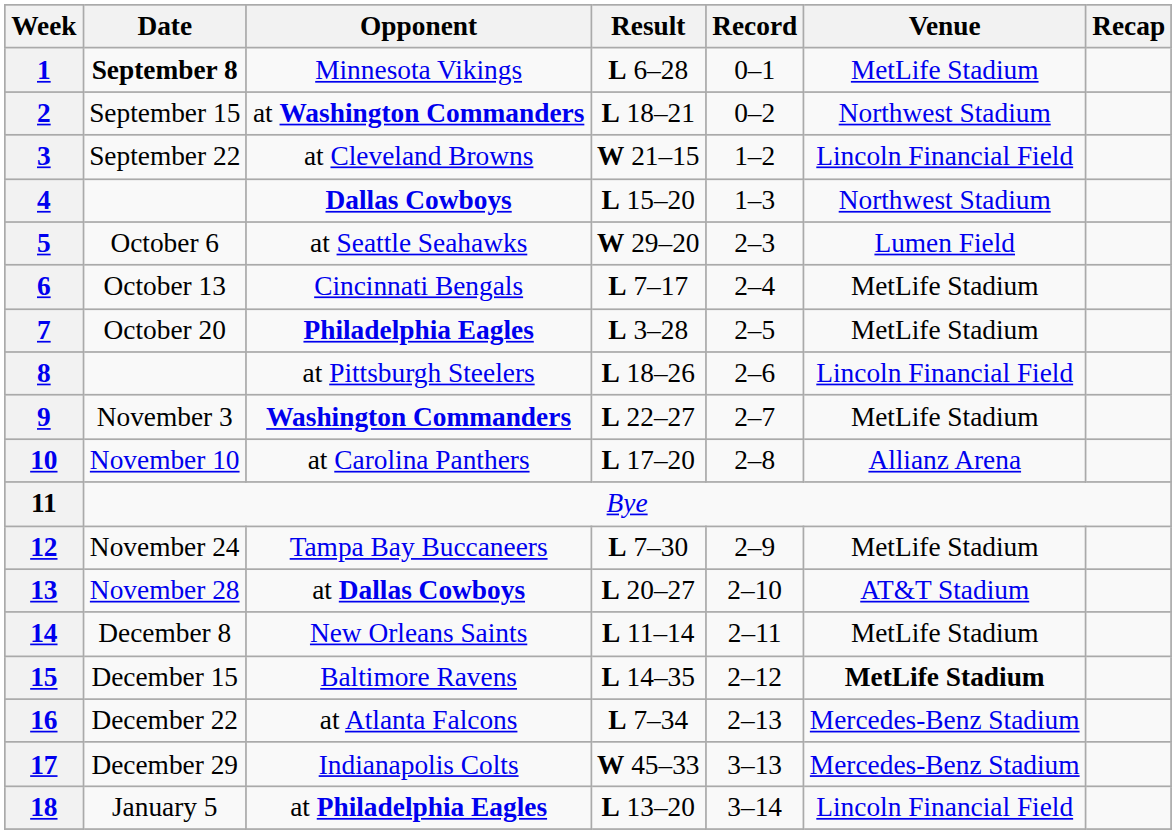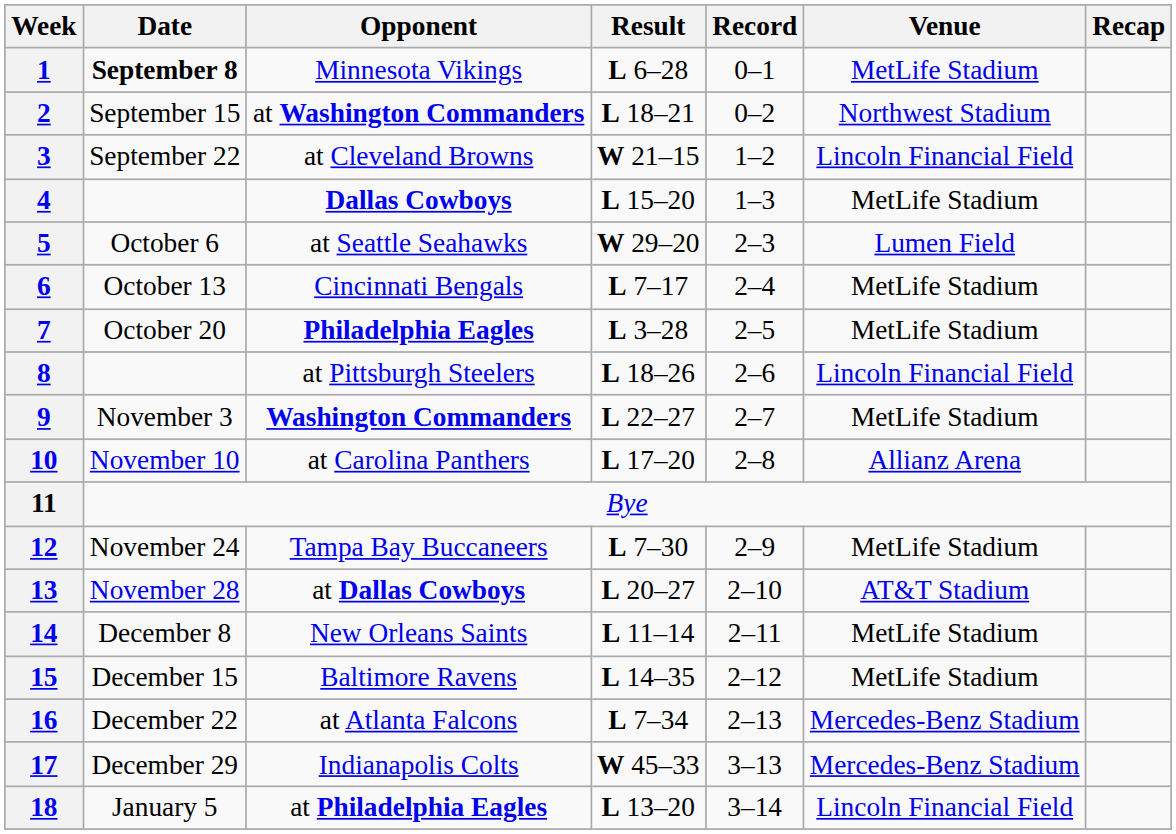 <table class="wikitable" style="text-align:center">
 <tr>
 <th>Week</th>
 <th>Date</th>
 <th>Opponent</th>
 <th>Result</th>
 <th>Record</th>
 <th>Venue</th>
 <th>Recap</th>
 </tr>
 <tr>
 <th><a href='#'>1</a></th>
 <td><strong>September 8</strong></td>
 <td><a href='#'>Minnesota Vikings</a></td>
 <td><strong>L</strong> 6–28</td>
 <td>0–1</td>
 <td><a href='#'>MetLife Stadium</a></td>
 <td></td>
 </tr>
 <tr>
 <th><a href='#'>2</a></th>
 <td>September 15</td>
 <td>at <strong><a href='#'>Washington Commanders</a></strong></td>
 <td><strong>L</strong> 18–21</td>
 <td>0–2</td>
 <td><a href='#'>Northwest Stadium</a></td>
 <td></td>
 </tr>
 <tr>
 <th><a href='#'>3</a></th>
 <td>September 22</td>
 <td>at <a href='#'>Cleveland Browns</a></td>
 <td><strong>W</strong> 21–15</td>
 <td>1–2</td>
 <td><a href='#'>Lincoln Financial Field</a></td>
 <td></td>
 </tr>
 <tr>
 <th><a href='#'>4</a></th>
 <td></td>
 <td><strong><a href='#'>Dallas Cowboys</a></strong></td>
 <td><strong>L</strong> 15–20</td>
 <td>1–3</td>
-<td><a href='#'>Northwest Stadium</a></td>
+<td>MetLife Stadium</td>
 <td></td>
 </tr>
 <tr>
 <th><a href='#'>5</a></th>
 <td>October 6</td>
 <td>at <a href='#'>Seattle Seahawks</a></td>
 <td><strong>W</strong> 29–20</td>
 <td>2–3</td>
 <td><a href='#'>Lumen Field</a></td>
 <td></td>
 </tr>
 <tr>
 <th><a href='#'>6</a></th>
 <td>October 13</td>
 <td><a href='#'>Cincinnati Bengals</a></td>
 <td><strong>L</strong> 7–17</td>
 <td>2–4</td>
 <td>MetLife Stadium</td>
 <td></td>
 </tr>
 <tr>
 <th><a href='#'>7</a></th>
 <td>October 20</td>
 <td><strong><a href='#'>Philadelphia Eagles</a></strong></td>
 <td><strong>L</strong> 3–28</td>
 <td>2–5</td>
 <td>MetLife Stadium</td>
 <td></td>
 </tr>
 <tr>
 <th><a href='#'>8</a></th>
 <td></td>
 <td>at <a href='#'>Pittsburgh Steelers</a></td>
 <td><strong>L</strong> 18–26</td>
 <td>2–6</td>
 <td><a href='#'>Lincoln Financial Field</a></td>
 <td></td>
 </tr>
 <tr>
 <th><a href='#'>9</a></th>
 <td>November 3</td>
 <td><strong><a href='#'>Washington Commanders</a></strong></td>
 <td><strong>L</strong> 22–27</td>
 <td>2–7</td>
 <td>MetLife Stadium</td>
 <td></td>
 </tr>
 <tr>
 <th><a href='#'>10</a></th>
 <td><a href='#'>November 10</a></td>
 <td>at <a href='#'>Carolina Panthers</a></td>
 <td><strong>L</strong> 17–20 </td>
 <td>2–8</td>
 <td> <a href='#'>Allianz Arena</a> </td>
 <td></td>
 </tr>
 <tr>
 <th>11</th>
 <td colspan="6"><em><a href='#'>Bye</a></em></td>
 </tr>
 <tr>
 <th><a href='#'>12</a></th>
 <td>November 24</td>
 <td><a href='#'>Tampa Bay Buccaneers</a></td>
 <td><strong>L</strong> 7–30</td>
 <td>2–9</td>
 <td>MetLife Stadium</td>
 <td></td>
 </tr>
 <tr>
 <th><a href='#'>13</a></th>
 <td><a href='#'>November 28</a></td>
 <td>at <strong><a href='#'>Dallas Cowboys</a></strong></td>
 <td><strong>L</strong> 20–27</td>
 <td>2–10</td>
 <td><a href='#'>AT&T Stadium</a></td>
 <td></td>
 </tr>
 <tr>
 <th><a href='#'>14</a></th>
 <td>December 8</td>
 <td><a href='#'>New Orleans Saints</a></td>
 <td><strong>L</strong> 11–14</td>
 <td>2–11</td>
 <td>MetLife Stadium</td>
 <td></td>
 </tr>
 <tr>
 <th><a href='#'>15</a></th>
 <td>December 15</td>
 <td><a href='#'>Baltimore Ravens</a></td>
 <td><strong>L</strong> 14–35</td>
 <td>2–12</td>
-<td><strong>MetLife Stadium</strong></td>
+<td>MetLife Stadium</td>
 <td></td>
 </tr>
 <tr>
 <th><a href='#'>16</a></th>
 <td>December 22</td>
 <td>at <a href='#'>Atlanta Falcons</a></td>
 <td><strong>L</strong> 7–34</td>
 <td>2–13</td>
 <td><a href='#'>Mercedes-Benz Stadium</a></td>
 <td></td>
 </tr>
 <tr>
 <th><a href='#'>17</a></th>
 <td>December 29</td>
 <td><a href='#'>Indianapolis Colts</a></td>
 <td><strong>W</strong> 45–33</td>
 <td>3–13</td>
 <td><a href='#'>Mercedes-Benz Stadium</a></td>
 <td></td>
 </tr>
 <tr>
 <th><a href='#'>18</a></th>
 <td>January 5</td>
 <td>at <strong><a href='#'>Philadelphia Eagles</a></strong></td>
 <td><strong>L</strong> 13–20</td>
 <td>3–14</td>
 <td><a href='#'>Lincoln Financial Field</a></td>
 <td></td>
 </tr>
 </table>
